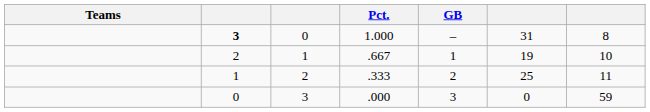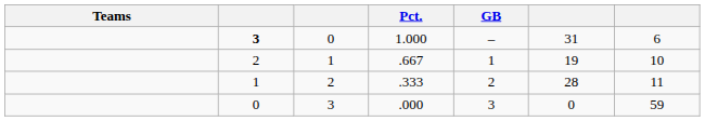 <table class="wikitable" width="50%" style="text-align:center;">
 <tr>
 <th width="20%">Teams</th>
 <th width="7%"></th>
 <th width="7%"></th>
 <th width="8%"><a href='#'>Pct.</a></th>
 <th width="7%"><a href='#'>GB</a></th>
 <th width="8%"></th>
 <th width="8%"></th>
 </tr>
 <tr>
 <td align=left></td>
 <td><strong>3</strong></td>
 <td>0</td>
 <td>1.000</td>
 <td>–</td>
 <td>31</td>
-<td>8</td>
+<td>6</td>
 </tr>
 <tr>
 <td align=left></td>
 <td>2</td>
 <td>1</td>
 <td>.667</td>
 <td>1</td>
 <td>19</td>
 <td>10</td>
 </tr>
 <tr>
 <td align=left></td>
 <td>1</td>
 <td>2</td>
 <td>.333</td>
 <td>2</td>
-<td>25</td>
+<td>28</td>
 <td>11</td>
 </tr>
 <tr>
 <td align=left></td>
 <td>0</td>
 <td>3</td>
 <td>.000</td>
 <td>3</td>
 <td>0</td>
 <td>59</td>
 </tr>
 </table>
